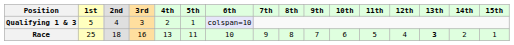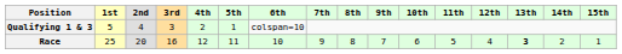 <table class="wikitable" style="font-size:85%; text-align:center">
 <tr>
 <th>Position</th>
 <td style="background:#ffffbf;"> <strong>1st</strong> </td>
 <td style="background:#dfdfdf;"> <strong>2nd</strong> </td>
 <td style="background:#ffdf9f;"> <strong>3rd</strong> </td>
 <td style="background:#dfffdf;"> <strong>4th</strong> </td>
 <td style="background:#dfffdf;"> <strong>5th</strong> </td>
 <td style="background:#dfffdf;"> <strong>6th</strong> </td>
 <td style="background:#dfffdf;"> <strong>7th</strong> </td>
 <td style="background:#dfffdf;"> <strong>8th</strong> </td>
 <td style="background:#dfffdf;"> <strong>9th</strong> </td>
 <td style="background:#dfffdf;"> <strong>10th</strong> </td>
 <td style="background:#dfffdf;"> <strong>11th</strong> </td>
 <td style="background:#dfffdf;"> <strong>12th</strong> </td>
 <td style="background:#dfffdf;"> <strong>13th</strong> </td>
 <td style="background:#dfffdf;"> <strong>14th</strong> </td>
 <td style="background:#dfffdf;"> <strong>15th</strong> </td>
 </tr>
 <tr>
 <th>Qualifying 1 & 3</th>
 <td style="background:#ffffbf;">5</td>
 <td style="background:#dfdfdf;">4</td>
 <td style="background:#ffdf9f;">3</td>
 <td style="background:#dfffdf;">2</td>
 <td style="background:#dfffdf;">1</td>
-<td style="background: lavender;">colspan=10 </td>
+<td>colspan=10 </td>
 </tr>
 <tr>
 <th>Race</th>
 <td style="background:#ffffbf;">25</td>
-<td style="background:#dfdfdf;">18</td>
+<td style="background:#dfdfdf;">20</td>
 <td style="background:#ffdf9f;">16</td>
-<td style="background:#dfffdf;">13</td>
+<td style="background:#dfffdf;">12</td>
 <td style="background:#dfffdf;">11</td>
 <td style="background:#dfffdf;">10</td>
 <td style="background:#dfffdf;">9</td>
 <td style="background:#dfffdf;">8</td>
 <td style="background:#dfffdf;">7</td>
 <td style="background:#dfffdf;">6</td>
 <td style="background:#dfffdf;">5</td>
 <td style="background:#dfffdf;">4</td>
 <td style="background:#dfffdf;"><strong>3</strong></td>
 <td style="background:#dfffdf;">2</td>
 <td style="background:#dfffdf;">1</td>
 </tr>
 </table>
